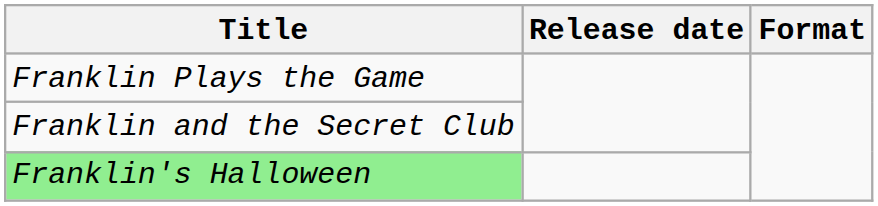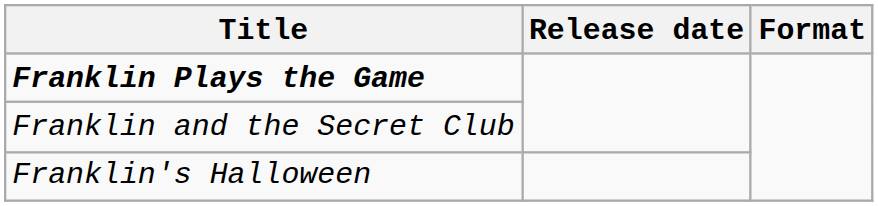 <table class="wikitable sortable">
 <tr>
 <th>Title</th>
 <th>Release date</th>
 <th>Format</th>
 </tr>
 <tr>
-<td><em>Franklin Plays the Game</em></td>
+<td><strong><em>Franklin Plays the Game</em></strong></td>
 <td rowspan="2"></td>
 </tr>
 <tr>
 <td><em>Franklin and the Secret Club</em></td>
 </tr>
 <tr>
-<td style="background: lightgreen;"><em>Franklin's Halloween</em></td>
+<td><em>Franklin's Halloween</em></td>
 <td></td>
 </tr>
 </table>
